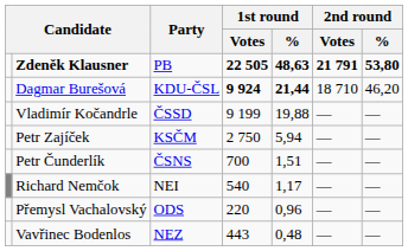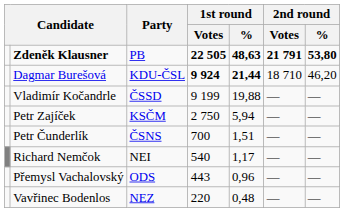 <table class="wikitable sortable">
 <tr>
 <th colspan="2" rowspan="2">Candidate</th>
 <th rowspan="2">Party</th>
 <th colspan="2">1st round</th>
 <th colspan="2">2nd round</th>
 </tr>
 <tr>
 <th>Votes</th>
 <th>%</th>
 <th>Votes</th>
 <th>%</th>
 </tr>
 <tr>
 <td style="background-color:"></td>
 <td><strong>Zdeněk Klausner</strong></td>
 <td><a href='#'>PB</a></td>
 <td><strong>22 505</strong></td>
 <td><strong>48,63</strong></td>
 <td><strong>21 791</strong></td>
 <td><strong>53,80</strong></td>
 </tr>
 <tr>
 <td style="background-color:"></td>
 <td><a href='#'>Dagmar Burešová</a></td>
 <td><a href='#'>KDU-ČSL</a></td>
 <td><strong>9 924</strong></td>
 <td><strong>21,44</strong></td>
 <td>18 710</td>
 <td>46,20</td>
 </tr>
 <tr>
 <td style="background-color:"></td>
 <td>Vladimír Kočandrle</td>
 <td><a href='#'>ČSSD</a></td>
 <td>9 199</td>
 <td>19,88</td>
 <td>—</td>
 <td>—</td>
 </tr>
 <tr>
 <td style="background-color:"></td>
 <td>Petr Zajíček</td>
 <td><a href='#'>KSČM</a></td>
 <td>2 750</td>
 <td>5,94</td>
 <td>—</td>
 <td>—</td>
 </tr>
 <tr>
 <td style="background-color:"></td>
 <td>Petr Čunderlík</td>
 <td><a href='#'>ČSNS</a></td>
 <td>700</td>
 <td>1,51</td>
 <td>—</td>
 <td>—</td>
 </tr>
 <tr>
 <td style="background-color:grey;"></td>
 <td>Richard Nemčok</td>
 <td>NEI</td>
 <td>540</td>
 <td>1,17</td>
 <td>—</td>
 <td>—</td>
 </tr>
 <tr>
 <td style="background-color:"></td>
 <td>Přemysl Vachalovský</td>
 <td><a href='#'>ODS</a></td>
-<td>220</td>
+<td>443</td>
 <td>0,96</td>
 <td>—</td>
 <td>—</td>
 </tr>
 <tr>
 <td style="background-color:"></td>
 <td>Vavřinec Bodenlos</td>
 <td><a href='#'>NEZ</a></td>
-<td>443</td>
+<td>220</td>
 <td>0,48</td>
 <td>—</td>
 <td>—</td>
 </tr>
 </table>
